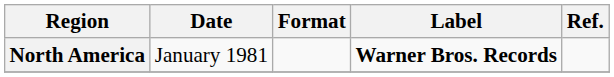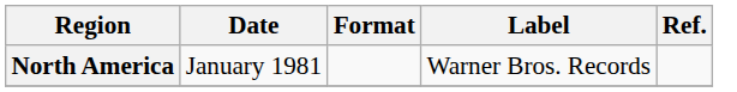 <table class="wikitable plainrowheaders">
 <tr>
 <th scope="col">Region</th>
 <th scope="col">Date</th>
 <th scope="col">Format</th>
 <th scope="col">Label</th>
 <th scope="col">Ref.</th>
 </tr>
 <tr>
 <th scope="row">North America</th>
 <td>January 1981</td>
 <td></td>
-<td><strong>Warner Bros. Records</strong></td>
+<td>Warner Bros. Records</td>
 <td></td>
 </tr>
 <tr>
 </tr>
 </table>
